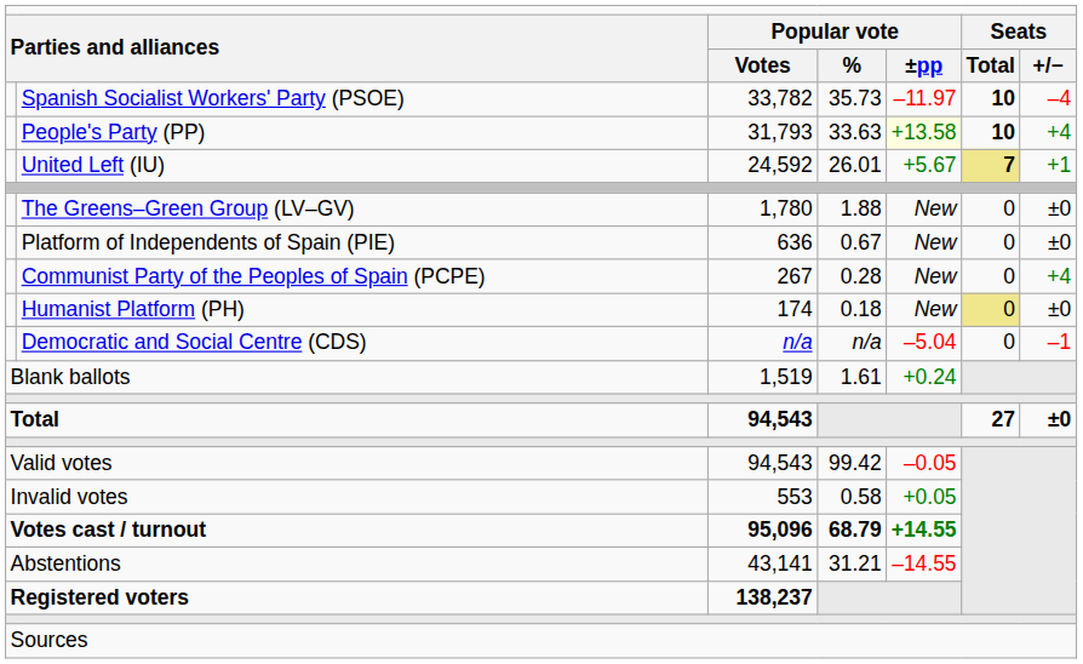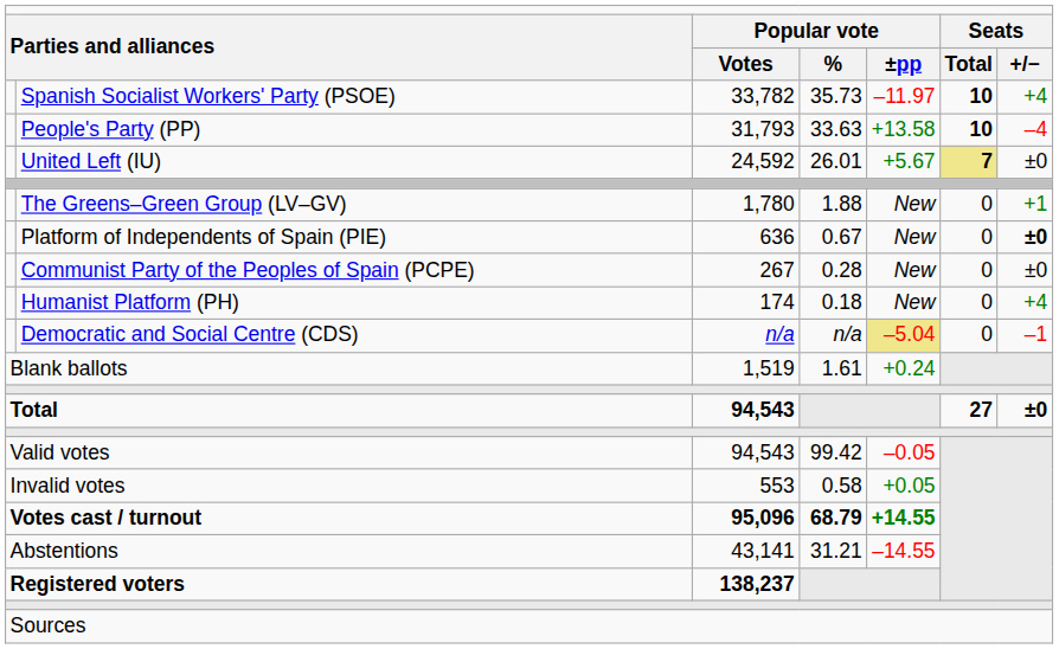 <table class="wikitable" style="text-align:right;">
 <tr>
 <td colspan="7"></td>
 </tr>
 <tr>
 <th style="text-align:left;" rowspan="2" colspan="2" width="525">Parties and alliances</th>
 <th colspan="3">Popular vote</th>
 <th colspan="2">Seats</th>
 </tr>
 <tr>
 <th width="75">Votes</th>
 <th width="45">%</th>
 <th width="45">±<a href='#'>pp</a></th>
 <th width="35">Total</th>
 <th width="35">+/−</th>
 </tr>
 <tr>
 <td width="1" style="color:inherit;background:"></td>
 <td align="left"><a href='#'>Spanish Socialist Workers' Party</a> (PSOE)</td>
 <td>33,782</td>
 <td>35.73</td>
 <td style="color:red;">–11.97</td>
 <td><strong>10</strong></td>
-<td style="color:red;">–4</td>
+<td style="color:green;">+4</td>
 </tr>
 <tr>
 <td style="color:inherit;background:"></td>
 <td align="left"><a href='#'>People's Party</a> (PP)</td>
 <td>31,793</td>
 <td>33.63</td>
-<td style="background: lightyellow; color:green;">+13.58</td>
+<td style="color:green;">+13.58</td>
 <td><strong>10</strong></td>
-<td style="color:green;">+4</td>
+<td style="color:red;">–4</td>
 </tr>
 <tr>
 <td style="color:inherit;background:"></td>
 <td align="left"><a href='#'>United Left</a> (IU)</td>
 <td>24,592</td>
 <td>26.01</td>
 <td style="color:green;">+5.67</td>
 <td style="background: khaki;"><strong>7</strong></td>
-<td style="color:green;">+1</td>
+<td>±0</td>
 </tr>
 <tr>
 <td colspan="7" bgcolor="#C0C0C0"></td>
 </tr>
 <tr>
 <td style="color:inherit;background:"></td>
 <td align="left"><a href='#'>The Greens–Green Group</a> (LV–GV)</td>
 <td>1,780</td>
 <td>1.88</td>
 <td><em>New</em></td>
 <td>0</td>
-<td>±0</td>
+<td style="color:green;">+1</td>
 </tr>
 <tr>
 <td style="color:inherit;background:"></td>
 <td align="left">Platform of Independents of Spain (PIE)</td>
 <td>636</td>
 <td>0.67</td>
 <td><em>New</em></td>
 <td>0</td>
-<td>±0</td>
+<td><strong>±0</strong></td>
 </tr>
 <tr>
 <td style="color:inherit;background:"></td>
 <td align="left"><a href='#'>Communist Party of the Peoples of Spain</a> (PCPE)</td>
 <td>267</td>
 <td>0.28</td>
 <td><em>New</em></td>
 <td>0</td>
-<td style="color:green;">+4</td>
+<td>±0</td>
 </tr>
 <tr>
 <td style="color:inherit;background:"></td>
 <td align="left"><a href='#'>Humanist Platform</a> (PH)</td>
 <td>174</td>
 <td>0.18</td>
 <td><em>New</em></td>
-<td style="background: khaki;">0</td>
-<td>±0</td>
+<td>0</td>
+<td style="color:green;">+4</td>
 </tr>
 <tr>
 <td style="color:inherit;background:"></td>
 <td align="left"><a href='#'>Democratic and Social Centre</a> (CDS)</td>
 <td><em><a href='#'>n/a</a></em></td>
 <td><em>n/a</em></td>
-<td style="color:red;">–5.04</td>
+<td style="background: khaki; color:red;">–5.04</td>
 <td>0</td>
 <td style="color:red;">–1</td>
 </tr>
 <tr>
 <td align="left" colspan="2">Blank ballots</td>
 <td>1,519</td>
 <td>1.61</td>
 <td style="color:green;">+0.24</td>
 <td bgcolor="#E9E9E9" colspan="2"></td>
 </tr>
 <tr>
 <td colspan="7" bgcolor="#E9E9E9"></td>
 </tr>
 <tr style="font-weight:bold;">
 <td align="left" colspan="2">Total</td>
 <td>94,543</td>
 <td bgcolor="#E9E9E9" colspan="2"></td>
 <td>27</td>
 <td>±0</td>
 </tr>
 <tr>
 <td colspan="7" bgcolor="#E9E9E9"></td>
 </tr>
 <tr>
 <td align="left" colspan="2">Valid votes</td>
 <td>94,543</td>
 <td>99.42</td>
 <td style="color:red;">–0.05</td>
 <td bgcolor="#E9E9E9" colspan="2" rowspan="5"></td>
 </tr>
 <tr>
 <td align="left" colspan="2">Invalid votes</td>
 <td>553</td>
 <td>0.58</td>
 <td style="color:green;">+0.05</td>
 </tr>
 <tr style="font-weight:bold;">
 <td align="left" colspan="2">Votes cast / turnout</td>
 <td>95,096</td>
 <td>68.79</td>
 <td style="color:green;">+14.55</td>
 </tr>
 <tr>
 <td align="left" colspan="2">Abstentions</td>
 <td>43,141</td>
 <td>31.21</td>
 <td style="color:red;">–14.55</td>
 </tr>
 <tr style="font-weight:bold;">
 <td align="left" colspan="2">Registered voters</td>
 <td>138,237</td>
 <td bgcolor="#E9E9E9" colspan="2"></td>
 </tr>
 <tr>
 <td colspan="7" bgcolor="#E9E9E9"></td>
 </tr>
 <tr>
 <td align="left" colspan="7">Sources</td>
 </tr>
 </table>
